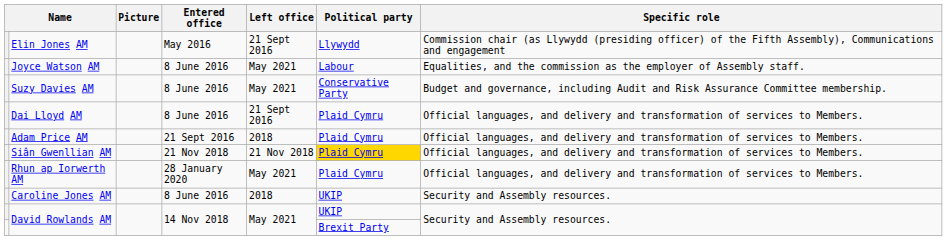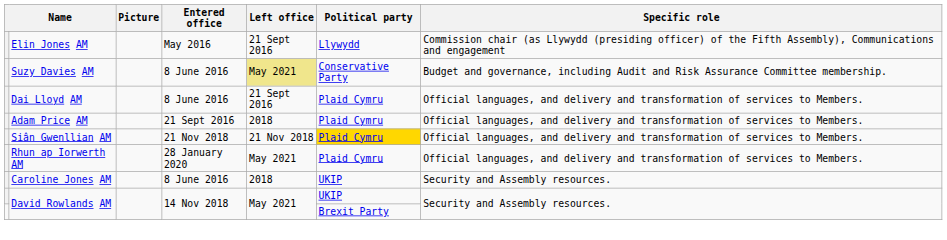 <table class="wikitable">
 <tr>
 <th colspan=2>Name</th>
 <th>Picture</th>
 <th>Entered office</th>
 <th>Left office</th>
 <th>Political party</th>
 <th>Specific role </th>
 </tr>
 <tr>
 <th style="background-color:"></th>
 <td><a href='#'>Elin Jones</a> <a href='#'>AM</a></td>
 <td></td>
 <td>May 2016</td>
 <td>21 Sept 2016</td>
 <td><a href='#'>Llywydd</a></td>
 <td>Commission chair (as Llywydd (presiding officer) of the Fifth Assembly), Communications and engagement</td>
 </tr>
 <tr>
 <th style="background-color:"></th>
-<td><a href='#'>Joyce Watson</a> <a href='#'>AM</a></td>
-<td></td>
-<td>8 June 2016 </td>
-<td>May 2021</td>
-<td><a href='#'>Labour</a></td>
-<td>Equalities, and the commission as the employer of Assembly staff.</td>
-</tr>
-<tr>
-<th style="background-color:"></th>
 <td><a href='#'>Suzy Davies</a> <a href='#'>AM</a></td>
 <td></td>
 <td>8 June 2016 </td>
-<td>May 2021</td>
+<td style="background: khaki;">May 2021</td>
 <td><a href='#'>Conservative Party</a></td>
 <td>Budget and governance, including Audit and Risk Assurance Committee membership.</td>
 </tr>
 <tr>
 <th style="background-color:"></th>
 <td><a href='#'>Dai Lloyd</a> <a href='#'>AM</a></td>
 <td></td>
 <td>8 June 2016 </td>
 <td>21 Sept 2016</td>
 <td><a href='#'>Plaid Cymru</a></td>
 <td>Official languages, and delivery and transformation of services to Members.</td>
 </tr>
 <tr>
 <th style="background-color:"></th>
 <td><a href='#'>Adam Price</a> <a href='#'>AM</a></td>
 <td></td>
 <td>21 Sept 2016 </td>
 <td>2018</td>
 <td><a href='#'>Plaid Cymru</a></td>
 <td>Official languages, and delivery and transformation of services to Members.</td>
 </tr>
 <tr>
 <th style="background-color:"></th>
 <td><a href='#'>Siân Gwenllian</a> <a href='#'>AM</a></td>
 <td></td>
 <td>21 Nov 2018 </td>
 <td>21 Nov 2018 </td>
 <td style="background: gold;"><a href='#'>Plaid Cymru</a></td>
 <td>Official languages, and delivery and transformation of services to Members.</td>
 </tr>
 <tr>
 <th style="background-color:"></th>
 <td><a href='#'>Rhun ap Iorwerth</a> <a href='#'>AM</a></td>
 <td></td>
 <td>28 January 2020 </td>
 <td>May 2021</td>
 <td><a href='#'>Plaid Cymru</a></td>
 <td>Official languages, and delivery and transformation of services to Members.</td>
 </tr>
 <tr>
 <th style="background-color:"></th>
 <td><a href='#'>Caroline Jones</a> <a href='#'>AM</a></td>
 <td></td>
 <td>8 June 2016 </td>
 <td>2018</td>
 <td><a href='#'>UKIP</a></td>
 <td>Security and Assembly resources.</td>
 </tr>
 <tr>
 <th style="background-color:"></th>
 <td rowspan="2"><a href='#'>David Rowlands</a> <a href='#'>AM</a></td>
 <td rowspan="2"></td>
 <td rowspan="2">14 Nov 2018 </td>
 <td rowspan="2">May 2021</td>
 <td><a href='#'>UKIP</a></td>
 <td rowspan="2">Security and Assembly resources.</td>
 </tr>
 <tr>
 <td></td>
 <td><a href='#'>Brexit Party</a></td>
 </tr>
 </table>
